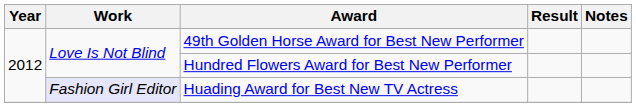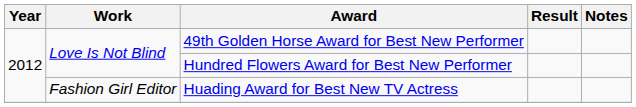 <table class="wikitable">
 <tr>
 <th>Year</th>
 <th>Work</th>
 <th>Award</th>
 <th>Result</th>
 <th>Notes</th>
 </tr>
 <tr>
 <td rowspan="3">2012</td>
 <td rowspan="2"><em><a href='#'>Love Is Not Blind</a></em></td>
 <td><a href='#'>49th Golden Horse Award for Best New Performer</a></td>
 <td></td>
 <td></td>
 </tr>
 <tr>
 <td><a href='#'>Hundred Flowers Award for Best New Performer</a></td>
 <td></td>
 <td></td>
 </tr>
 <tr>
-<td style="background: lavender;"><em>Fashion Girl Editor</em></td>
+<td><em>Fashion Girl Editor</em></td>
 <td><a href='#'>Huading Award for Best New TV Actress</a></td>
 <td></td>
 <td></td>
 </tr>
 <tr>
 </tr>
 </table>
